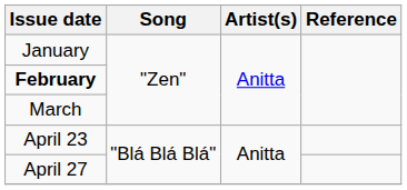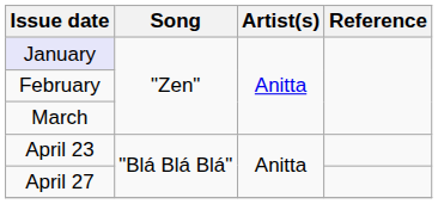 <table class="wikitable" style="text-align: center;">
 <tr>
 <th>Issue date</th>
 <th>Song</th>
 <th>Artist(s)</th>
 <th>Reference</th>
 </tr>
 <tr>
-<td>January</td>
+<td style="background: lavender;">January</td>
 <td rowspan="3">"Zen"</td>
 <td rowspan="3"><a href='#'>Anitta</a></td>
 <td rowspan="3"></td>
 </tr>
 <tr>
-<td><strong>February</strong></td>
+<td>February</td>
 </tr>
 <tr>
 <td>March</td>
 </tr>
 <tr>
 <td rowspan="1">April 23</td>
 <td rowspan="2">"Blá Blá Blá"</td>
 <td rowspan="2">Anitta</td>
 <td></td>
 </tr>
 <tr>
 <td rowspan="1">April 27</td>
 <td rowspan="1"></td>
 </tr>
 <tr>
 </tr>
 </table>
